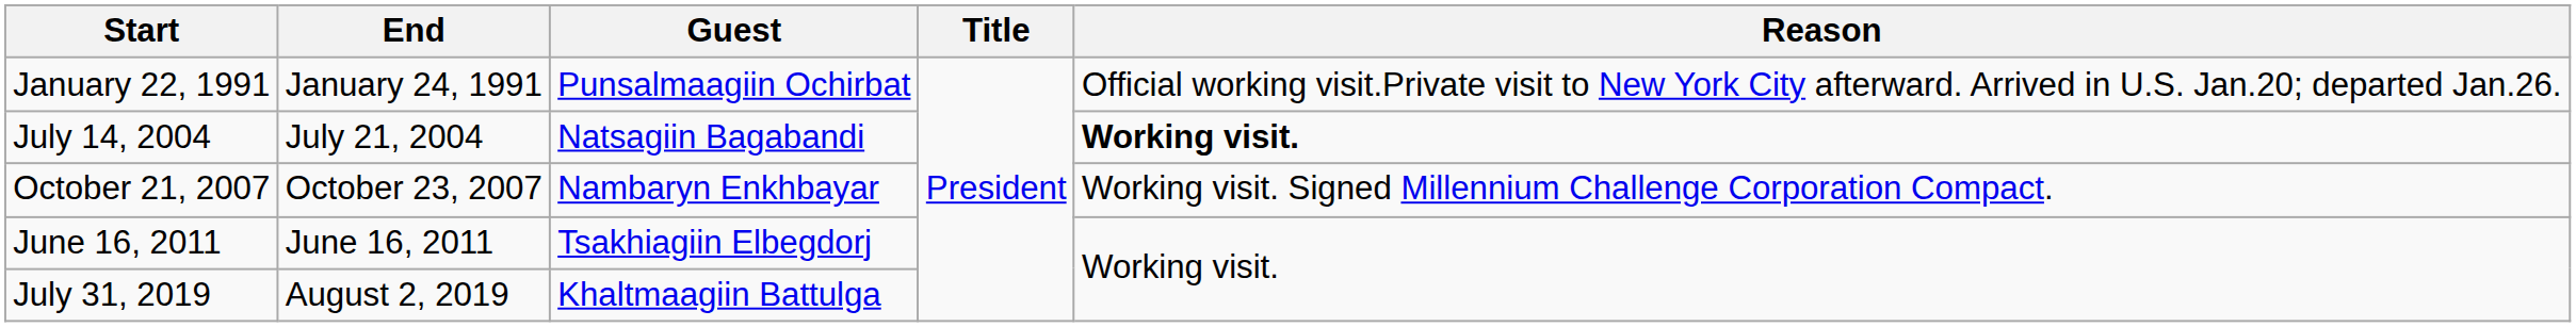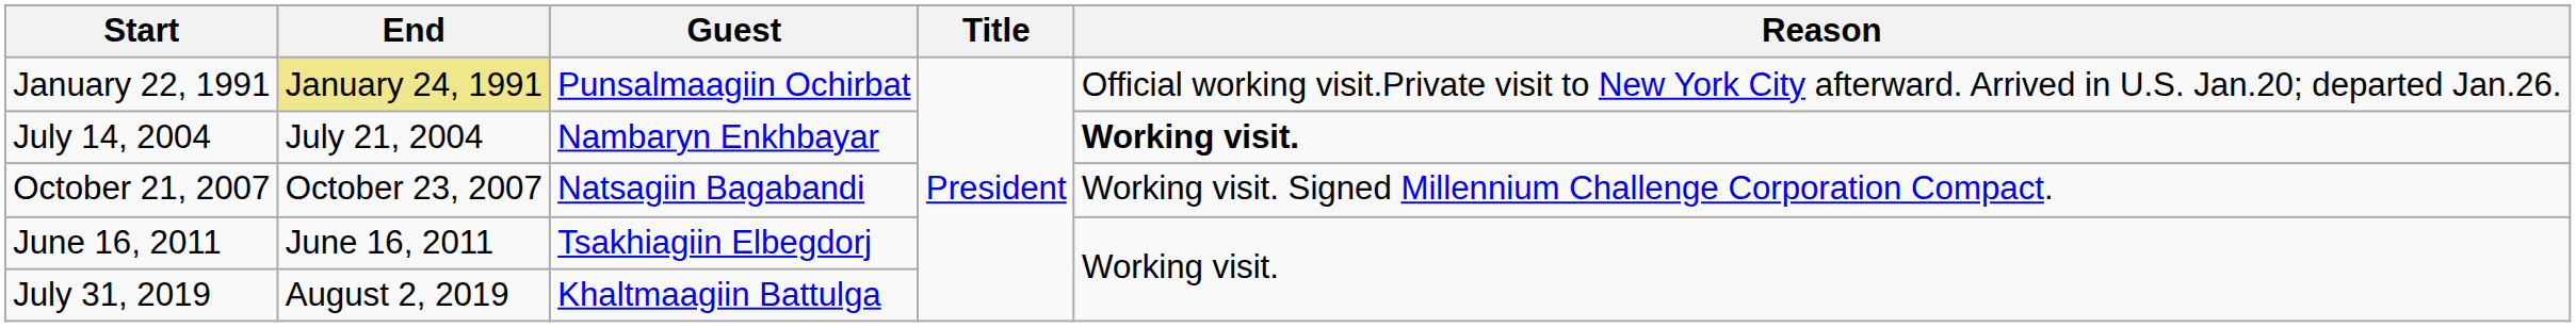 <table class="wikitable sortable">
 <tr>
 <th>Start</th>
 <th>End</th>
 <th>Guest</th>
 <th>Title</th>
 <th>Reason</th>
 </tr>
 <tr>
 <td>January 22, 1991</td>
-<td>January 24, 1991</td>
+<td style="background: khaki;">January 24, 1991</td>
 <td><a href='#'>Punsalmaagiin Ochirbat</a></td>
 <td rowspan=5><a href='#'>President</a></td>
 <td>Official working visit.Private visit to <a href='#'>New York City</a> afterward. Arrived in U.S. Jan.20; departed Jan.26.</td>
 </tr>
 <tr>
 <td>July 14, 2004</td>
 <td>July 21, 2004</td>
-<td><a href='#'>Natsagiin Bagabandi</a></td>
+<td><a href='#'>Nambaryn Enkhbayar</a></td>
 <td><strong>Working visit.</strong></td>
 </tr>
 <tr>
 <td>October 21, 2007</td>
 <td>October 23, 2007</td>
-<td><a href='#'>Nambaryn Enkhbayar</a></td>
+<td><a href='#'>Natsagiin Bagabandi</a></td>
 <td>Working visit. Signed <a href='#'>Millennium Challenge Corporation Compact</a>.</td>
 </tr>
 <tr>
 <td>June 16, 2011</td>
 <td>June 16, 2011</td>
 <td><a href='#'>Tsakhiagiin Elbegdorj</a></td>
 <td rowspan=2>Working visit.</td>
 </tr>
 <tr>
 <td>July 31, 2019</td>
 <td>August 2, 2019</td>
 <td><a href='#'>Khaltmaagiin Battulga</a></td>
 </tr>
 </table>
